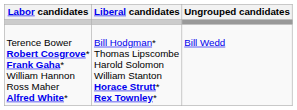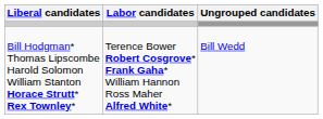 <table class="wikitable">
 <tr>
+<th><a href='#'>Liberal</a> candidates</th>
 <th><a href='#'>Labor</a> candidates</th>
-<th><a href='#'>Liberal</a> candidates</th>
 <th>Ungrouped candidates</th>
 </tr>
 <tr bgcolor="#cccccc">
 <td></td>
 <td></td>
 <td bgcolor="#999999"></td>
 </tr>
 <tr>
+<td><br><a href='#'>Bill Hodgman</a>*<br> Thomas Lipscombe<br> Harold Solomon<br> William Stanton<br> <strong><a href='#'>Horace Strutt</a></strong>*<br> <strong><a href='#'>Rex Townley</a></strong>*</td>
 <td><br>Terence Bower<br> <strong><a href='#'>Robert Cosgrove</a></strong>*<br> <strong><a href='#'>Frank Gaha</a></strong>*<br> William Hannon<br> Ross Maher<br> <strong><a href='#'>Alfred White</a></strong>*</td>
-<td><br><a href='#'>Bill Hodgman</a>*<br> Thomas Lipscombe<br> Harold Solomon<br> William Stanton<br> <strong><a href='#'>Horace Strutt</a></strong>*<br> <strong><a href='#'>Rex Townley</a></strong>*</td>
 <td valign=top><br><a href='#'>Bill Wedd</a></td>
 </tr>
 </table>
